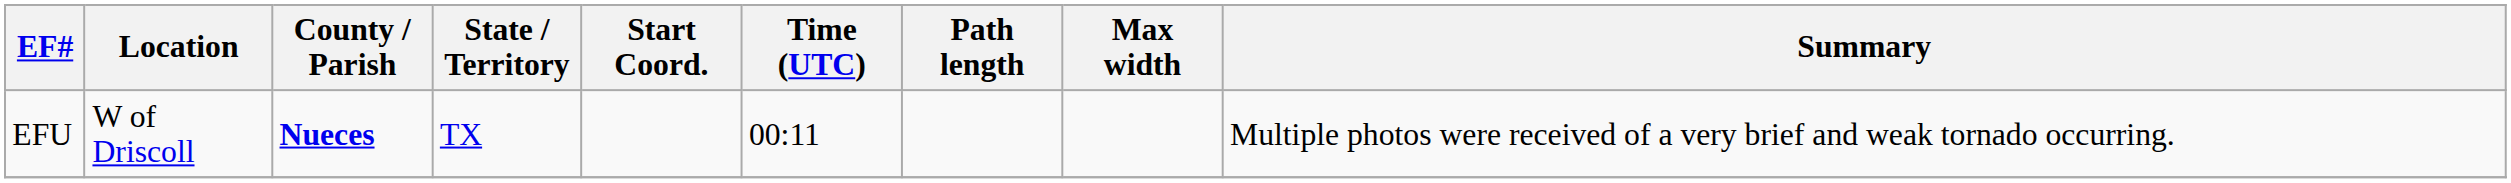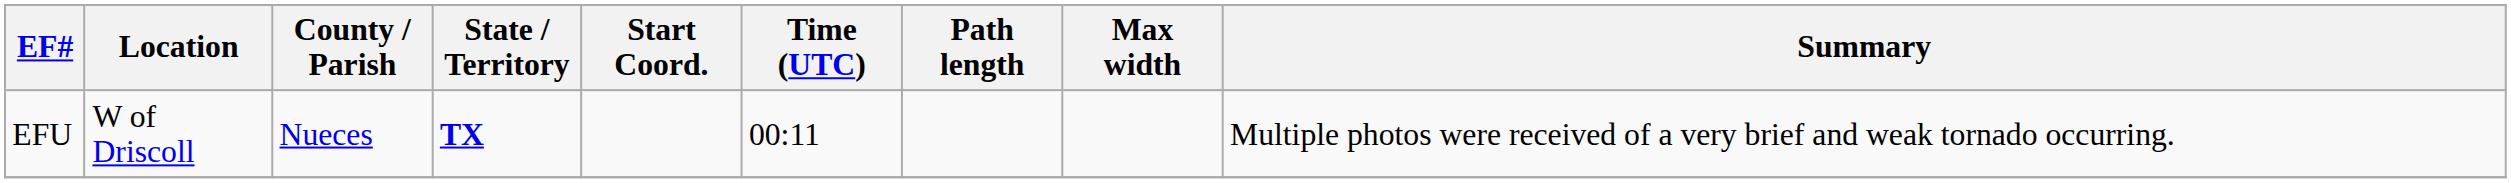 <table class="wikitable sortable" style="width:100%;">
 <tr>
 <th scope="col"  style="width:3%; text-align:center;"><a href='#'>EF#</a></th>
 <th scope="col"  style="width:7%; text-align:center;" class="unsortable">Location</th>
 <th scope="col"  style="width:6%; text-align:center;" class="unsortable">County / Parish</th>
 <th scope="col"  style="width:5%; text-align:center;">State / Territory</th>
 <th scope="col"  style="width:6%; text-align:center;">Start Coord.</th>
 <th scope="col"  style="width:6%; text-align:center;">Time (<a href='#'>UTC</a>)</th>
 <th scope="col"  style="width:6%; text-align:center;">Path length</th>
 <th scope="col"  style="width:6%; text-align:center;">Max width</th>
 <th scope="col" class="unsortable" style="width:48%; text-align:center;">Summary</th>
 </tr>
 <tr>
 <td>EFU</td>
 <td>W of <a href='#'>Driscoll</a></td>
-<td><strong><a href='#'>Nueces</a></strong></td>
-<td><a href='#'>TX</a></td>
+<td><a href='#'>Nueces</a></td>
+<td><strong><a href='#'>TX</a></strong></td>
 <td></td>
 <td>00:11</td>
 <td></td>
 <td></td>
 <td>Multiple photos were received of a very brief and weak tornado occurring.</td>
 </tr>
 <tr>
 </tr>
 </table>
